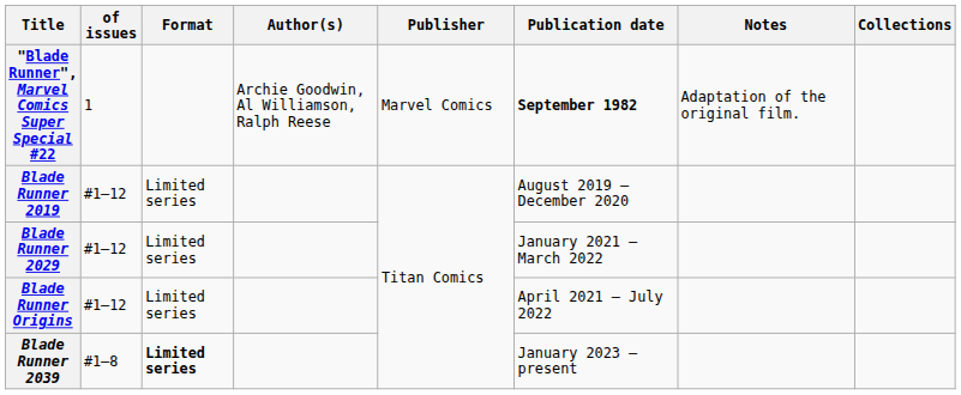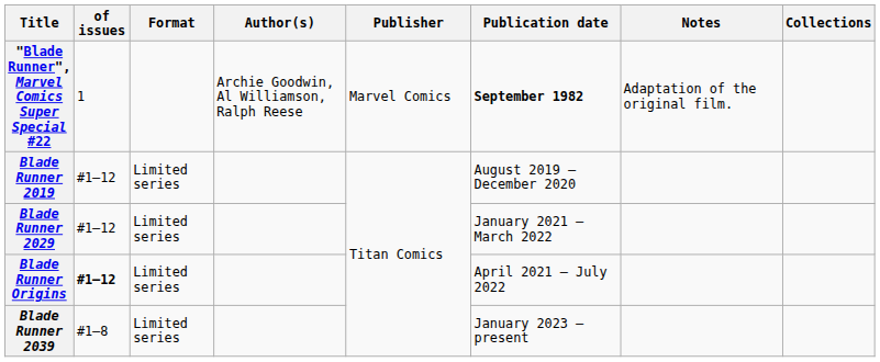 <table class="wikitable">
 <tr>
 <th>Title</th>
 <th style="width:40pt"> of issues</th>
 <th style="width:75pt">Format</th>
 <th style="width:125pt">Author(s)</th>
 <th style="width:125pt">Publisher</th>
 <th style="width:150pt">Publication date</th>
 <th style="width:175pt">Notes</th>
 <th>Collections</th>
 </tr>
 <tr>
 <th>"<a href='#'>Blade Runner</a>", <a href='#'><em>Marvel Comics Super Special</em> #22</a></th>
 <td>1</td>
 <td></td>
 <td>Archie Goodwin, Al Williamson, Ralph Reese</td>
 <td>Marvel Comics</td>
 <td><strong>September 1982</strong></td>
 <td>Adaptation of the original film.</td>
 <td></td>
 </tr>
 <tr>
 <th><em><a href='#'>Blade Runner 2019</a></em></th>
 <td>#1—12</td>
 <td>Limited series</td>
 <td></td>
 <td rowspan="4">Titan Comics</td>
 <td>August 2019 – December 2020</td>
 <td></td>
 <td></td>
 </tr>
 <tr>
 <th><em><a href='#'>Blade Runner 2029</a></em></th>
 <td>#1—12</td>
 <td>Limited series</td>
 <td></td>
 <td>January 2021 – March 2022</td>
 <td></td>
 <td></td>
 </tr>
 <tr>
 <th><em><a href='#'>Blade Runner Origins</a></em></th>
-<td>#1—12</td>
+<td><strong>#1—12</strong></td>
 <td>Limited series</td>
 <td></td>
 <td>April 2021 – July 2022</td>
 <td></td>
 <td></td>
 </tr>
 <tr>
 <th><em>Blade Runner 2039</em></th>
 <td>#1—8</td>
-<td><strong>Limited series</strong></td>
+<td>Limited series</td>
 <td></td>
 <td>January 2023 – present</td>
 <td></td>
 <td></td>
 </tr>
 </table>
